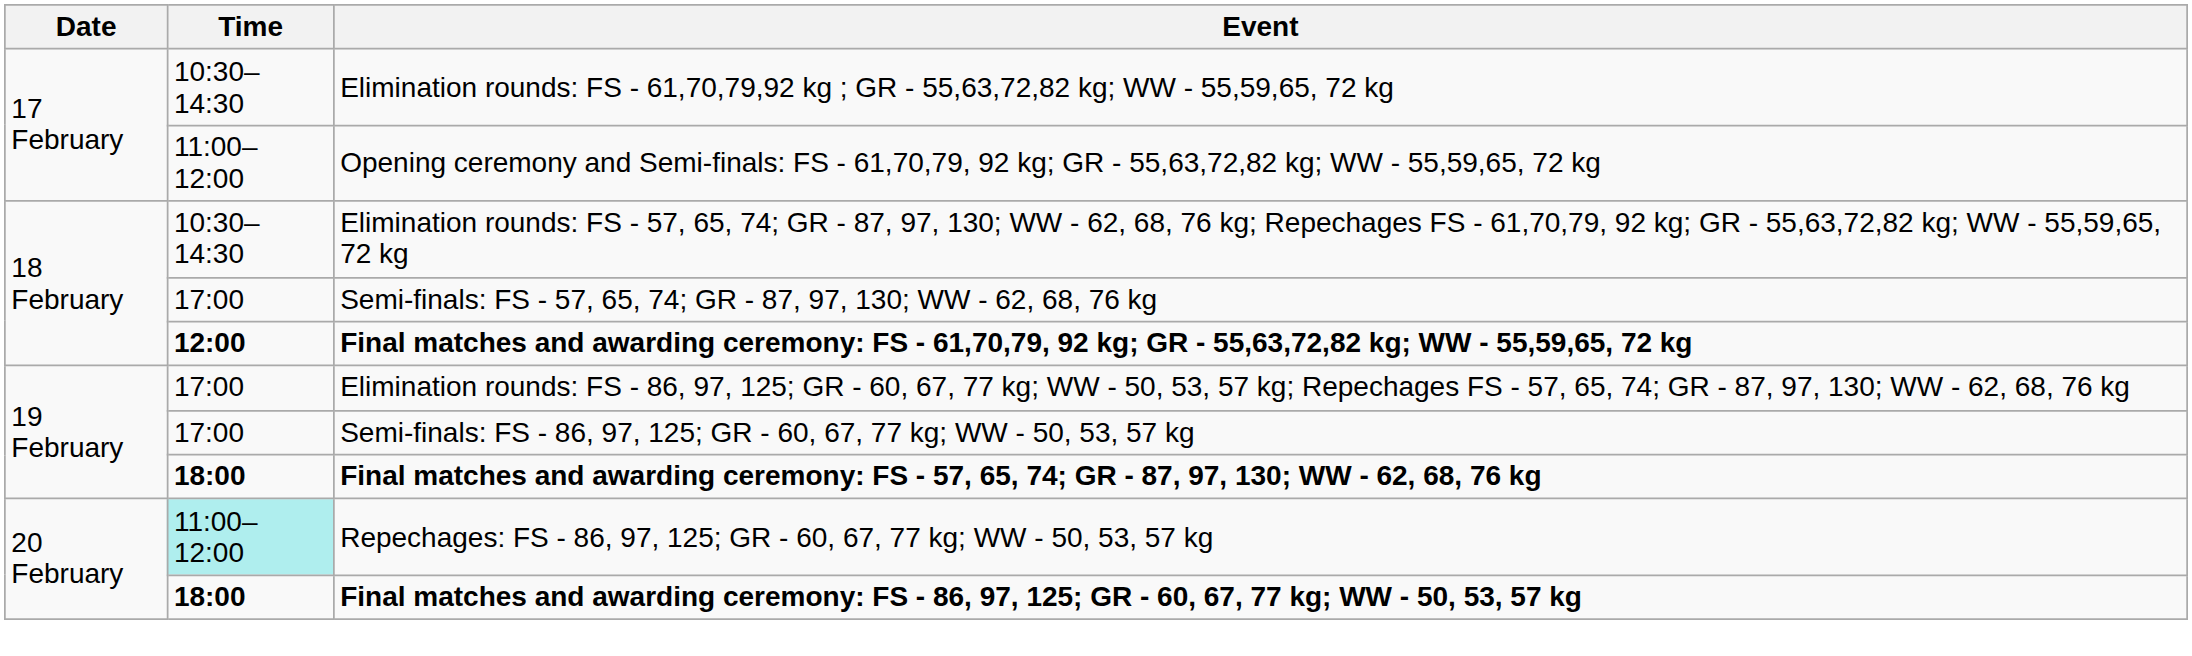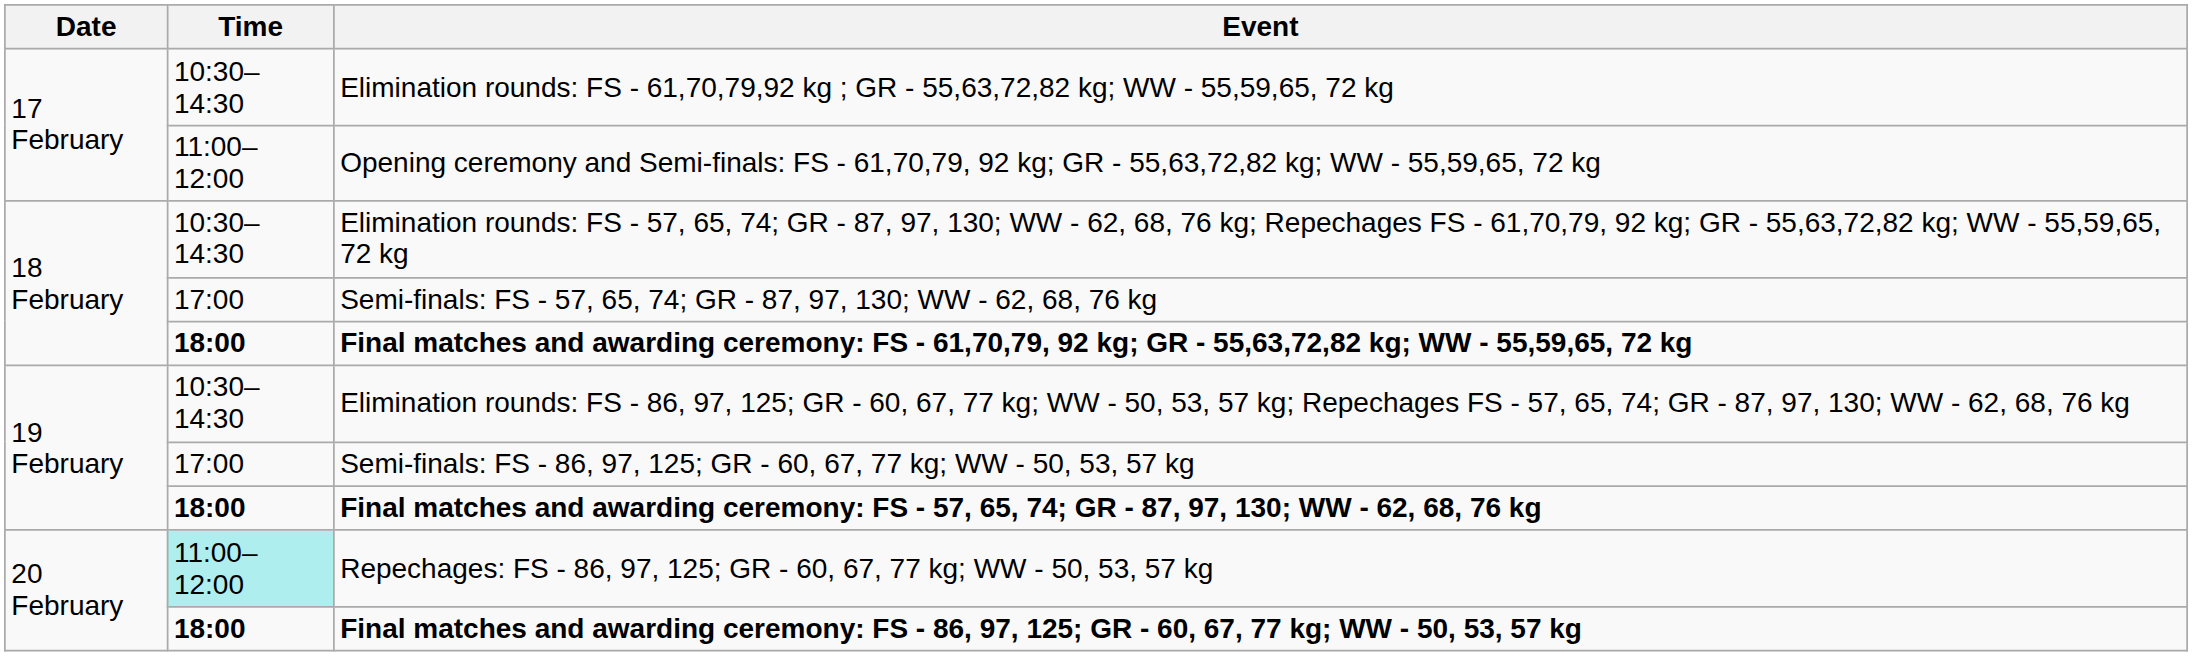 <table class=wikitable>
 <tr>
 <th>Date</th>
 <th>Time</th>
 <th>Event</th>
 </tr>
 <tr>
 <td rowspan="2">17 February</td>
 <td>10:30–14:30</td>
 <td>Elimination rounds: FS - 61,70,79,92 kg ; GR - 55,63,72,82 kg; WW - 55,59,65, 72 kg</td>
 </tr>
 <tr>
 <td>11:00–12:00</td>
 <td>Opening ceremony and Semi-finals: FS - 61,70,79, 92 kg; GR - 55,63,72,82 kg; WW - 55,59,65, 72 kg</td>
 </tr>
 <tr>
 <td rowspan="3">18 February</td>
 <td>10:30–14:30</td>
 <td>Elimination rounds: FS - 57, 65, 74; GR - 87, 97, 130; WW - 62, 68, 76 kg; Repechages FS - 61,70,79, 92 kg; GR - 55,63,72,82 kg; WW - 55,59,65, 72 kg</td>
 </tr>
 <tr>
 <td>17:00</td>
 <td>Semi-finals: FS - 57, 65, 74; GR - 87, 97, 130; WW - 62, 68, 76 kg</td>
 </tr>
 <tr>
-<td><strong>12:00</strong></td>
+<td><strong>18:00</strong></td>
 <td><strong>Final matches and awarding ceremony:  FS - 61,70,79, 92 kg; GR - 55,63,72,82 kg; WW - 55,59,65, 72 kg</strong></td>
 </tr>
 <tr>
 <td rowspan="3">19 February</td>
-<td>17:00</td>
+<td>10:30–14:30</td>
 <td>Elimination rounds: FS - 86, 97, 125; GR - 60, 67, 77 kg; WW - 50, 53, 57 kg; Repechages FS - 57, 65, 74; GR - 87, 97, 130; WW - 62, 68, 76 kg</td>
 </tr>
 <tr>
 <td>17:00</td>
 <td>Semi-finals: FS - 86, 97, 125; GR - 60, 67, 77 kg; WW - 50, 53, 57 kg</td>
 </tr>
 <tr>
 <td><strong>18:00</strong></td>
 <td><strong>Final matches and awarding ceremony:  FS - 57, 65, 74; GR - 87, 97, 130; WW - 62, 68, 76 kg</strong></td>
 </tr>
 <tr>
 <td rowspan="2">20 February</td>
 <td style="background: paleturquoise;">11:00–12:00</td>
 <td>Repechages: FS - 86, 97, 125; GR - 60, 67, 77 kg; WW - 50, 53, 57 kg</td>
 </tr>
 <tr>
 <td><strong>18:00</strong></td>
 <td><strong>Final matches and awarding ceremony:  FS - 86, 97, 125; GR - 60, 67, 77 kg; WW - 50, 53, 57 kg</strong></td>
 </tr>
 </table>
